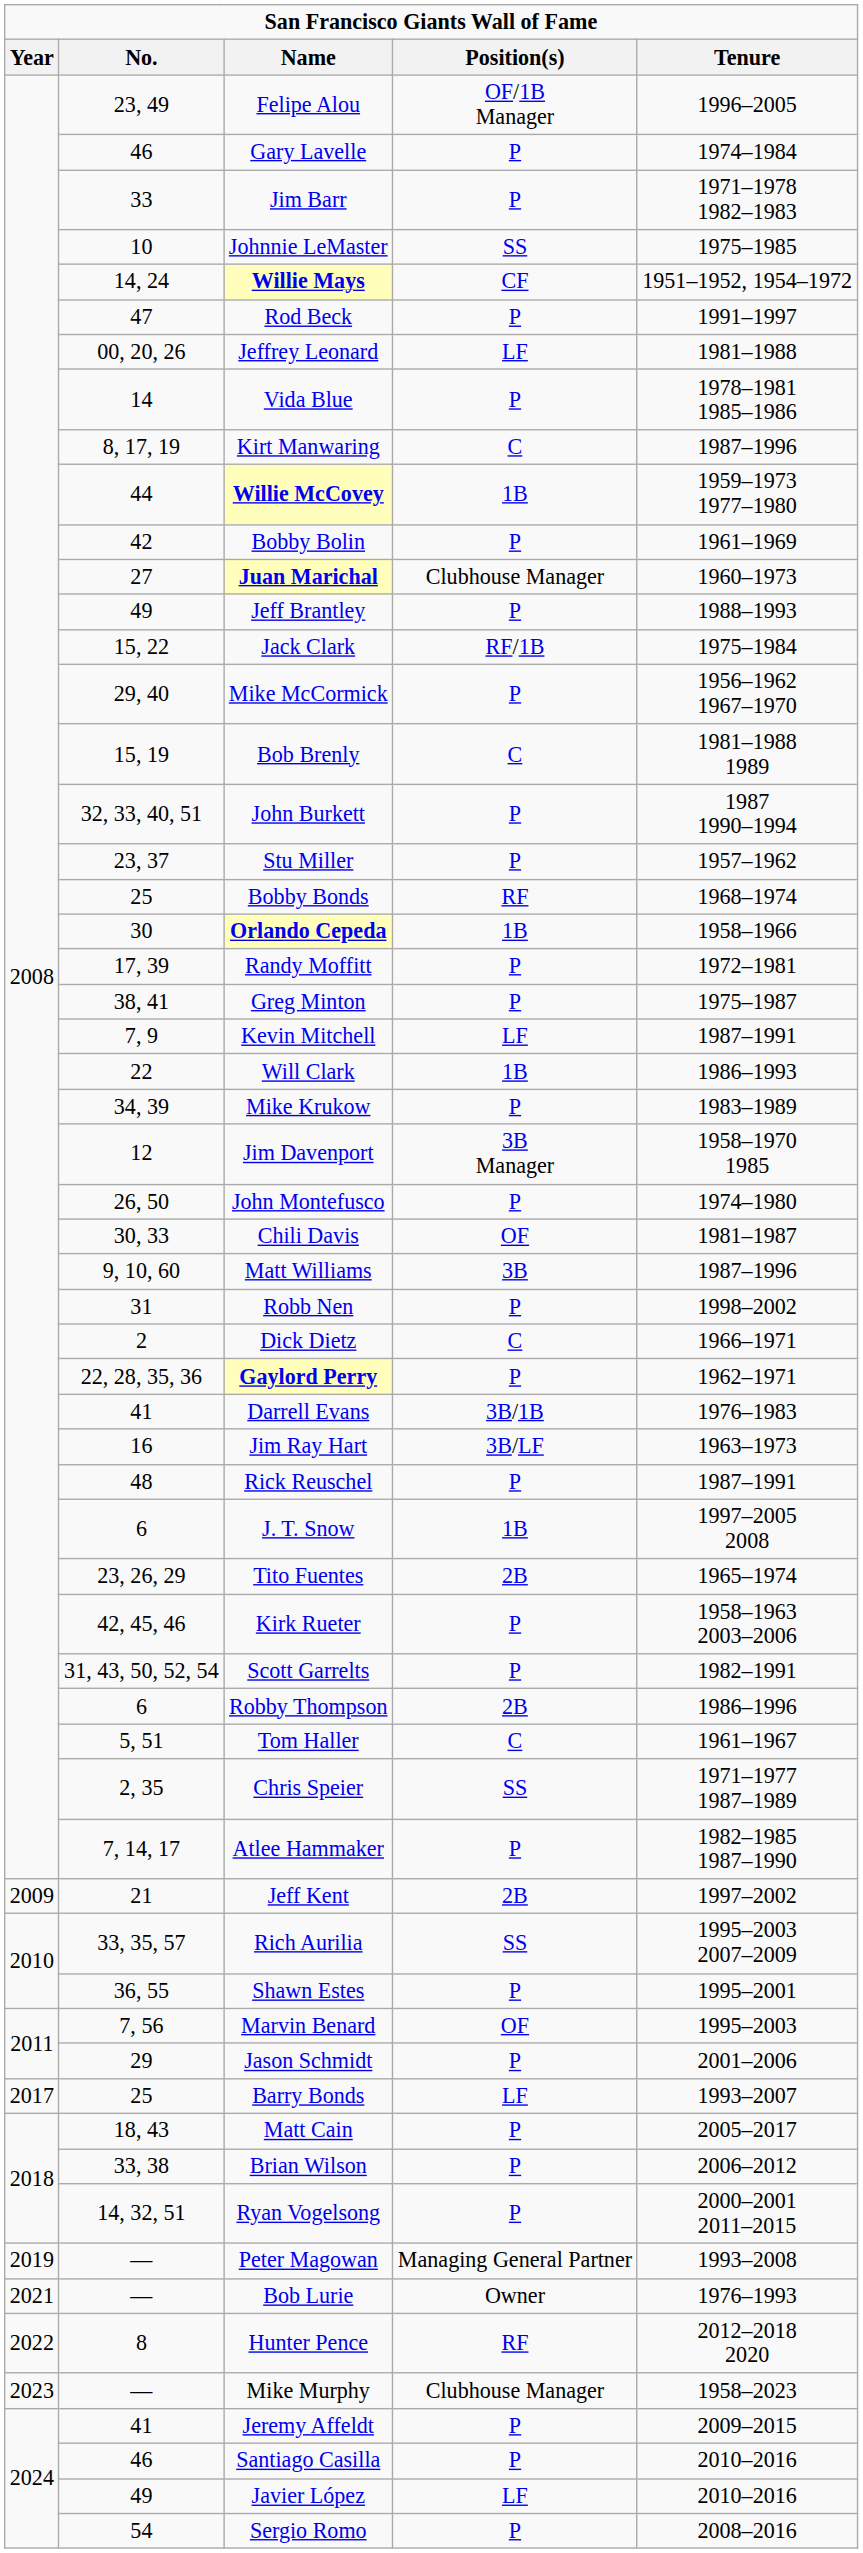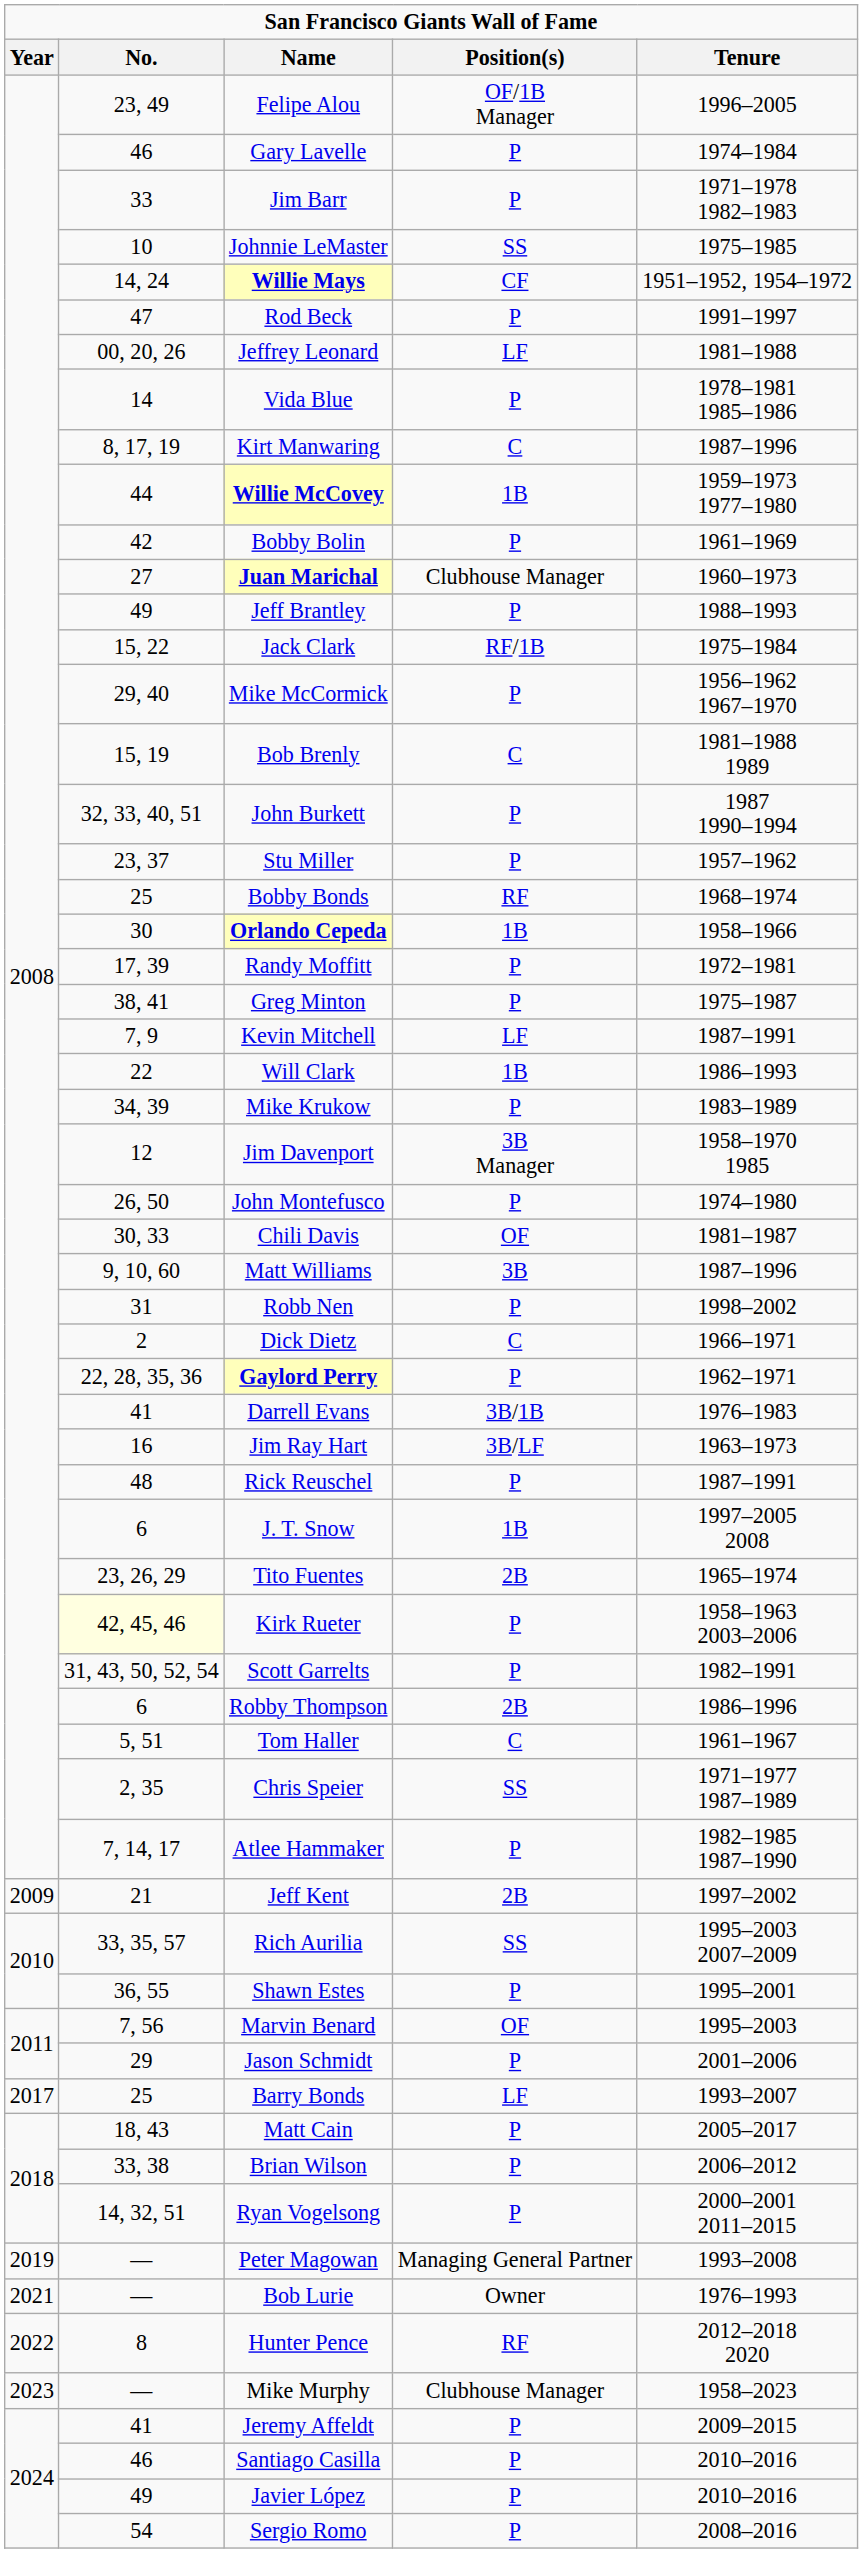 <table class="wikitable" style="text-align:center">
 <tr>
 <td colspan="5"><strong>San Francisco Giants Wall of Fame</strong></td>
 </tr>
 <tr>
 <th scope="col">Year</th>
 <th scope="col">No.</th>
 <th scope="col">Name</th>
 <th scope="col">Position(s)</th>
 <th scope="col">Tenure</th>
 </tr>
 <tr>
 <td rowspan=43>2008</td>
 <td>23, 49</td>
 <td><a href='#'>Felipe Alou</a></td>
 <td><a href='#'>OF</a>/<a href='#'>1B</a><br>Manager</td>
 <td>1996–2005</td>
 </tr>
 <tr>
 <td>46</td>
 <td><a href='#'>Gary Lavelle</a></td>
 <td><a href='#'>P</a></td>
 <td>1974–1984</td>
 </tr>
 <tr>
 <td>33</td>
 <td><a href='#'>Jim Barr</a></td>
 <td><a href='#'>P</a></td>
 <td>1971–1978<br>1982–1983</td>
 </tr>
 <tr>
 <td>10</td>
 <td><a href='#'>Johnnie LeMaster</a></td>
 <td><a href='#'>SS</a></td>
 <td>1975–1985</td>
 </tr>
 <tr>
 <td>14, 24</td>
 <td style="background:#ffb;"><strong><a href='#'>Willie Mays</a></strong></td>
 <td><a href='#'>CF</a></td>
 <td>1951–1952, 1954–1972</td>
 </tr>
 <tr>
 <td>47</td>
 <td><a href='#'>Rod Beck</a></td>
 <td><a href='#'>P</a></td>
 <td>1991–1997</td>
 </tr>
 <tr>
 <td>00, 20, 26</td>
 <td><a href='#'>Jeffrey Leonard</a></td>
 <td><a href='#'>LF</a></td>
 <td>1981–1988</td>
 </tr>
 <tr>
 <td>14</td>
 <td><a href='#'>Vida Blue</a></td>
 <td><a href='#'>P</a></td>
 <td>1978–1981<br>1985–1986</td>
 </tr>
 <tr>
 <td>8, 17, 19</td>
 <td><a href='#'>Kirt Manwaring</a></td>
 <td><a href='#'>C</a></td>
 <td>1987–1996</td>
 </tr>
 <tr>
 <td>44</td>
 <td style="background:#ffb;"><strong><a href='#'>Willie McCovey</a></strong></td>
 <td><a href='#'>1B</a></td>
 <td>1959–1973<br>1977–1980</td>
 </tr>
 <tr>
 <td>42</td>
 <td><a href='#'>Bobby Bolin</a></td>
 <td><a href='#'>P</a></td>
 <td>1961–1969</td>
 </tr>
 <tr>
 <td>27</td>
 <td style="background:#ffb;"><strong><a href='#'>Juan Marichal</a></strong></td>
 <td>Clubhouse Manager</td>
 <td>1960–1973</td>
 </tr>
 <tr>
 <td>49</td>
 <td><a href='#'>Jeff Brantley</a></td>
 <td><a href='#'>P</a></td>
 <td>1988–1993</td>
 </tr>
 <tr>
 <td>15, 22</td>
 <td><a href='#'>Jack Clark</a></td>
 <td><a href='#'>RF</a>/<a href='#'>1B</a></td>
 <td>1975–1984</td>
 </tr>
 <tr>
 <td>29, 40</td>
 <td><a href='#'>Mike McCormick</a></td>
 <td><a href='#'>P</a></td>
 <td>1956–1962<br>1967–1970</td>
 </tr>
 <tr>
 <td>15, 19</td>
 <td><a href='#'>Bob Brenly</a></td>
 <td><a href='#'>C</a></td>
 <td>1981–1988<br>1989</td>
 </tr>
 <tr>
 <td>32, 33, 40, 51</td>
 <td><a href='#'>John Burkett</a></td>
 <td><a href='#'>P</a></td>
 <td>1987<br>1990–1994</td>
 </tr>
 <tr>
 <td>23, 37</td>
 <td><a href='#'>Stu Miller</a></td>
 <td><a href='#'>P</a></td>
 <td>1957–1962</td>
 </tr>
 <tr>
 <td>25</td>
 <td><a href='#'>Bobby Bonds</a></td>
 <td><a href='#'>RF</a></td>
 <td>1968–1974</td>
 </tr>
 <tr>
 <td>30</td>
 <td style="background:#ffb;"><strong><a href='#'>Orlando Cepeda</a></strong></td>
 <td><a href='#'>1B</a></td>
 <td>1958–1966</td>
 </tr>
 <tr>
 <td>17, 39</td>
 <td><a href='#'>Randy Moffitt</a></td>
 <td><a href='#'>P</a></td>
 <td>1972–1981</td>
 </tr>
 <tr>
 <td>38, 41</td>
 <td><a href='#'>Greg Minton</a></td>
 <td><a href='#'>P</a></td>
 <td>1975–1987</td>
 </tr>
 <tr>
 <td>7, 9</td>
 <td><a href='#'>Kevin Mitchell</a></td>
 <td><a href='#'>LF</a></td>
 <td>1987–1991</td>
 </tr>
 <tr>
 <td>22</td>
 <td><a href='#'>Will Clark</a></td>
 <td><a href='#'>1B</a></td>
 <td>1986–1993</td>
 </tr>
 <tr>
 <td>34, 39</td>
 <td><a href='#'>Mike Krukow</a></td>
 <td><a href='#'>P</a></td>
 <td>1983–1989</td>
 </tr>
 <tr>
 <td>12</td>
 <td><a href='#'>Jim Davenport</a></td>
 <td><a href='#'>3B</a><br>Manager</td>
 <td>1958–1970<br>1985</td>
 </tr>
 <tr>
 <td>26, 50</td>
 <td><a href='#'>John Montefusco</a></td>
 <td><a href='#'>P</a></td>
 <td>1974–1980</td>
 </tr>
 <tr>
 <td>30, 33</td>
 <td><a href='#'>Chili Davis</a></td>
 <td><a href='#'>OF</a></td>
 <td>1981–1987</td>
 </tr>
 <tr>
 <td>9, 10, 60</td>
 <td><a href='#'>Matt Williams</a></td>
 <td><a href='#'>3B</a></td>
 <td>1987–1996</td>
 </tr>
 <tr>
 <td>31</td>
 <td><a href='#'>Robb Nen</a></td>
 <td><a href='#'>P</a></td>
 <td>1998–2002</td>
 </tr>
 <tr>
 <td>2</td>
 <td><a href='#'>Dick Dietz</a></td>
 <td><a href='#'>C</a></td>
 <td>1966–1971</td>
 </tr>
 <tr>
 <td>22, 28, 35, 36</td>
 <td style="background:#ffb;"><strong><a href='#'>Gaylord Perry</a></strong></td>
 <td><a href='#'>P</a></td>
 <td>1962–1971</td>
 </tr>
 <tr>
 <td>41</td>
 <td><a href='#'>Darrell Evans</a></td>
 <td><a href='#'>3B</a>/<a href='#'>1B</a></td>
 <td>1976–1983</td>
 </tr>
 <tr>
 <td>16</td>
 <td><a href='#'>Jim Ray Hart</a></td>
 <td><a href='#'>3B</a>/<a href='#'>LF</a></td>
 <td>1963–1973</td>
 </tr>
 <tr>
 <td>48</td>
 <td><a href='#'>Rick Reuschel</a></td>
 <td><a href='#'>P</a></td>
 <td>1987–1991</td>
 </tr>
 <tr>
 <td>6</td>
 <td><a href='#'>J. T. Snow</a></td>
 <td><a href='#'>1B</a></td>
 <td>1997–2005<br>2008</td>
 </tr>
 <tr>
 <td>23, 26, 29</td>
 <td><a href='#'>Tito Fuentes</a></td>
 <td><a href='#'>2B</a></td>
 <td>1965–1974</td>
 </tr>
 <tr>
-<td>42, 45, 46</td>
+<td style="background: lightyellow;">42, 45, 46</td>
 <td><a href='#'>Kirk Rueter</a></td>
 <td><a href='#'>P</a></td>
 <td>1958–1963<br>2003–2006</td>
 </tr>
 <tr>
 <td>31, 43, 50, 52, 54</td>
 <td><a href='#'>Scott Garrelts</a></td>
 <td><a href='#'>P</a></td>
 <td>1982–1991</td>
 </tr>
 <tr>
 <td>6</td>
 <td><a href='#'>Robby Thompson</a></td>
 <td><a href='#'>2B</a></td>
 <td>1986–1996</td>
 </tr>
 <tr>
 <td>5, 51</td>
 <td><a href='#'>Tom Haller</a></td>
 <td><a href='#'>C</a></td>
 <td>1961–1967</td>
 </tr>
 <tr>
 <td>2, 35</td>
 <td><a href='#'>Chris Speier</a></td>
 <td><a href='#'>SS</a></td>
 <td>1971–1977<br>1987–1989</td>
 </tr>
 <tr>
 <td>7, 14, 17</td>
 <td><a href='#'>Atlee Hammaker</a></td>
 <td><a href='#'>P</a></td>
 <td>1982–1985<br>1987–1990</td>
 </tr>
 <tr>
 <td>2009</td>
 <td>21</td>
 <td><a href='#'>Jeff Kent</a></td>
 <td><a href='#'>2B</a></td>
 <td>1997–2002</td>
 </tr>
 <tr>
 <td rowspan=2>2010</td>
 <td>33, 35, 57</td>
 <td><a href='#'>Rich Aurilia</a></td>
 <td><a href='#'>SS</a></td>
 <td>1995–2003<br>2007–2009</td>
 </tr>
 <tr>
 <td>36, 55</td>
 <td><a href='#'>Shawn Estes</a></td>
 <td><a href='#'>P</a></td>
 <td>1995–2001</td>
 </tr>
 <tr>
 <td rowspan=2>2011</td>
 <td>7, 56</td>
 <td><a href='#'>Marvin Benard</a></td>
 <td><a href='#'>OF</a></td>
 <td>1995–2003</td>
 </tr>
 <tr>
 <td>29</td>
 <td><a href='#'>Jason Schmidt</a></td>
 <td><a href='#'>P</a></td>
 <td>2001–2006</td>
 </tr>
 <tr>
 <td>2017</td>
 <td>25</td>
 <td><a href='#'>Barry Bonds</a></td>
 <td><a href='#'>LF</a></td>
 <td>1993–2007</td>
 </tr>
 <tr>
 <td rowspan=3>2018</td>
 <td>18, 43</td>
 <td><a href='#'>Matt Cain</a></td>
 <td><a href='#'>P</a></td>
 <td>2005–2017</td>
 </tr>
 <tr>
 <td>33, 38</td>
 <td><a href='#'>Brian Wilson</a></td>
 <td><a href='#'>P</a></td>
 <td>2006–2012</td>
 </tr>
 <tr>
 <td>14, 32, 51</td>
 <td><a href='#'>Ryan Vogelsong</a></td>
 <td><a href='#'>P</a></td>
 <td>2000–2001<br>2011–2015</td>
 </tr>
 <tr>
 <td>2019</td>
 <td>—</td>
 <td><a href='#'>Peter Magowan</a></td>
 <td>Managing General Partner</td>
 <td>1993–2008</td>
 </tr>
 <tr>
 <td>2021</td>
 <td>—</td>
 <td><a href='#'>Bob Lurie</a></td>
 <td>Owner</td>
 <td>1976–1993</td>
 </tr>
 <tr>
 <td>2022</td>
 <td>8</td>
 <td><a href='#'>Hunter Pence</a></td>
 <td><a href='#'>RF</a></td>
 <td>2012–2018<br>2020</td>
 </tr>
 <tr>
 <td>2023</td>
 <td>—</td>
 <td>Mike Murphy</td>
 <td>Clubhouse Manager</td>
 <td>1958–2023</td>
 </tr>
 <tr>
 <td rowspan=4>2024</td>
 <td>41</td>
 <td><a href='#'>Jeremy Affeldt</a></td>
 <td><a href='#'>P</a></td>
 <td>2009–2015</td>
 </tr>
 <tr>
 <td>46</td>
 <td><a href='#'>Santiago Casilla</a></td>
 <td><a href='#'>P</a></td>
 <td>2010–2016</td>
 </tr>
 <tr>
 <td>49</td>
 <td><a href='#'>Javier López</a></td>
-<td><a href='#'>LF</a></td>
+<td><a href='#'>P</a></td>
 <td>2010–2016</td>
 </tr>
 <tr>
 <td>54</td>
 <td><a href='#'>Sergio Romo</a></td>
 <td><a href='#'>P</a></td>
 <td>2008–2016</td>
 </tr>
 </table>
